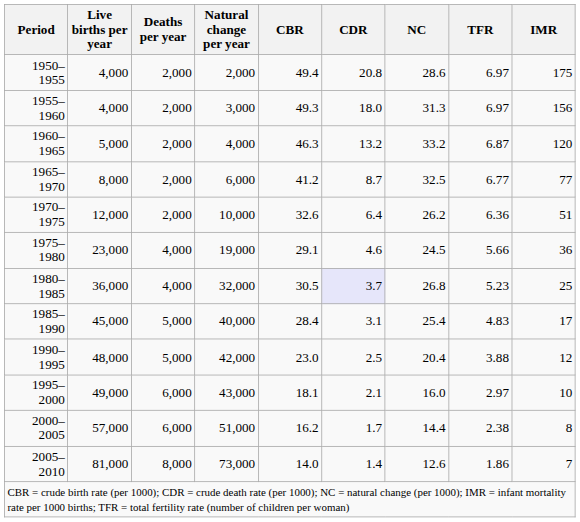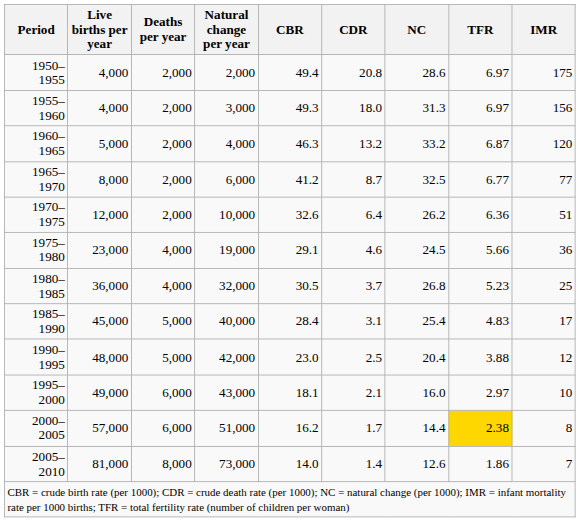 <table class="wikitable" style="text-align: right;">
 <tr>
 <th width="70pt">Period</th>
 <th width="70pt">Live births per year</th>
 <th width="70pt">Deaths per year</th>
 <th width="70pt">Natural change per year</th>
 <th width="70pt">CBR</th>
 <th width="70pt">CDR</th>
 <th width="70pt">NC</th>
 <th width="70pt">TFR</th>
 <th width="70pt">IMR</th>
 </tr>
 <tr>
 <td>1950–1955</td>
 <td>4,000</td>
 <td>2,000</td>
 <td>2,000</td>
 <td>49.4</td>
 <td>20.8</td>
 <td>28.6</td>
 <td>6.97</td>
 <td>175</td>
 </tr>
 <tr>
 <td>1955–1960</td>
 <td>4,000</td>
 <td>2,000</td>
 <td>3,000</td>
 <td>49.3</td>
 <td>18.0</td>
 <td>31.3</td>
 <td>6.97</td>
 <td>156</td>
 </tr>
 <tr>
 <td>1960–1965</td>
 <td>5,000</td>
 <td>2,000</td>
 <td>4,000</td>
 <td>46.3</td>
 <td>13.2</td>
 <td>33.2</td>
 <td>6.87</td>
 <td>120</td>
 </tr>
 <tr>
 <td>1965–1970</td>
 <td>8,000</td>
 <td>2,000</td>
 <td>6,000</td>
 <td>41.2</td>
 <td>8.7</td>
 <td>32.5</td>
 <td>6.77</td>
 <td>77</td>
 </tr>
 <tr>
 <td>1970–1975</td>
 <td>12,000</td>
 <td>2,000</td>
 <td>10,000</td>
 <td>32.6</td>
 <td>6.4</td>
 <td>26.2</td>
 <td>6.36</td>
 <td>51</td>
 </tr>
 <tr>
 <td>1975–1980</td>
 <td>23,000</td>
 <td>4,000</td>
 <td>19,000</td>
 <td>29.1</td>
 <td>4.6</td>
 <td>24.5</td>
 <td>5.66</td>
 <td>36</td>
 </tr>
 <tr>
 <td>1980–1985</td>
 <td>36,000</td>
 <td>4,000</td>
 <td>32,000</td>
 <td>30.5</td>
-<td style="background: lavender;">3.7</td>
+<td>3.7</td>
 <td>26.8</td>
 <td>5.23</td>
 <td>25</td>
 </tr>
 <tr>
 <td>1985–1990</td>
 <td>45,000</td>
 <td>5,000</td>
 <td>40,000</td>
 <td>28.4</td>
 <td>3.1</td>
 <td>25.4</td>
 <td>4.83</td>
 <td>17</td>
 </tr>
 <tr>
 <td>1990–1995</td>
 <td>48,000</td>
 <td>5,000</td>
 <td>42,000</td>
 <td>23.0</td>
 <td>2.5</td>
 <td>20.4</td>
 <td>3.88</td>
 <td>12</td>
 </tr>
 <tr>
 <td>1995–2000</td>
 <td>49,000</td>
 <td>6,000</td>
 <td>43,000</td>
 <td>18.1</td>
 <td>2.1</td>
 <td>16.0</td>
 <td>2.97</td>
 <td>10</td>
 </tr>
 <tr>
 <td>2000–2005</td>
 <td>57,000</td>
 <td>6,000</td>
 <td>51,000</td>
 <td>16.2</td>
 <td>1.7</td>
 <td>14.4</td>
-<td>2.38</td>
+<td style="background: gold;">2.38</td>
 <td>8</td>
 </tr>
 <tr>
 <td>2005–2010</td>
 <td>81,000</td>
 <td>8,000</td>
 <td>73,000</td>
 <td>14.0</td>
 <td>1.4</td>
 <td>12.6</td>
 <td>1.86</td>
 <td>7</td>
 </tr>
 <tr>
 <td align="left" colspan="9"><small>CBR = crude birth rate (per 1000); CDR = crude death rate (per 1000); NC = natural change (per 1000); IMR = infant mortality rate per 1000 births; TFR = total fertility rate (number of children per woman)</small></td>
 </tr>
 </table>
